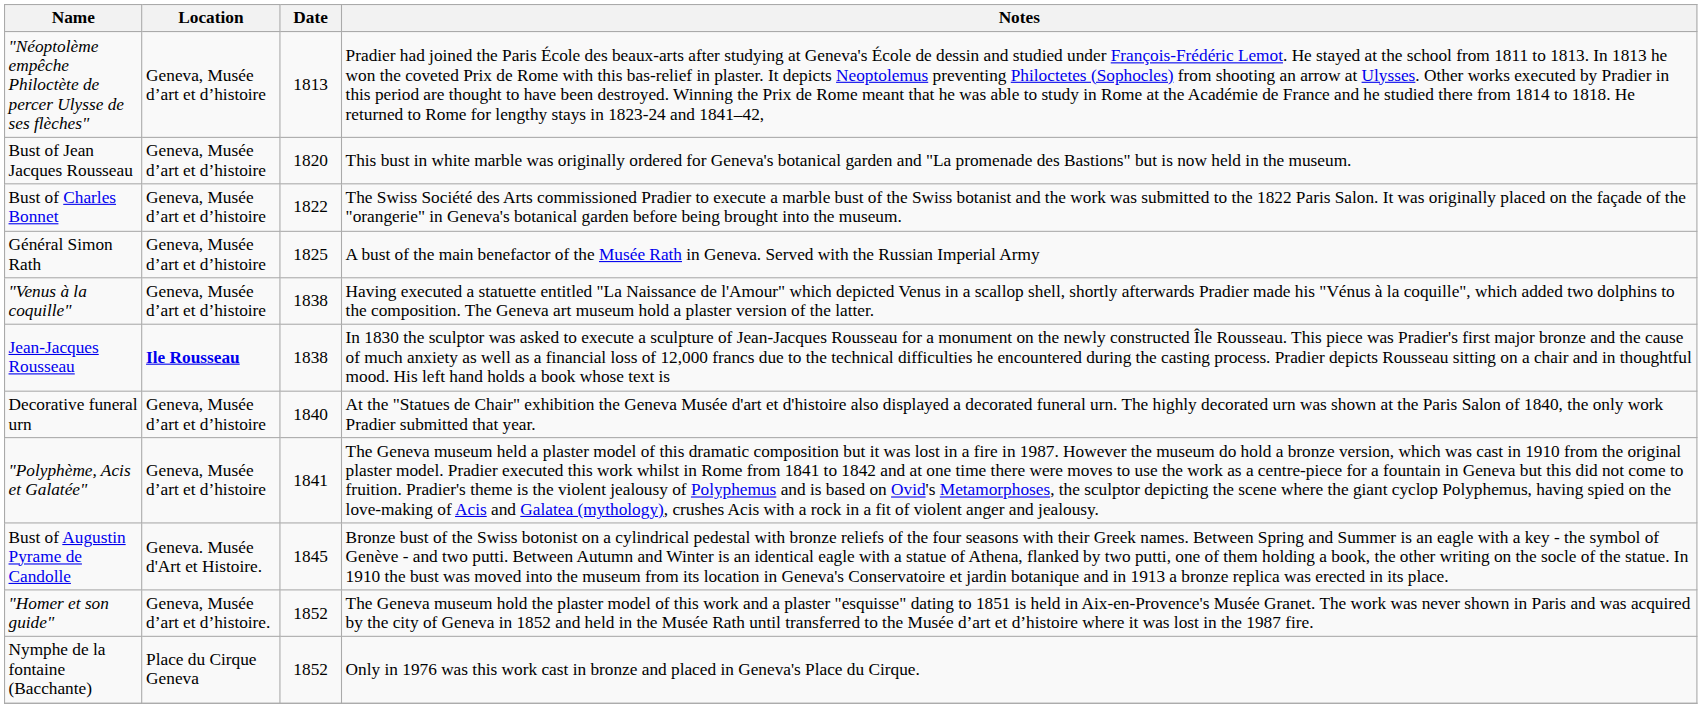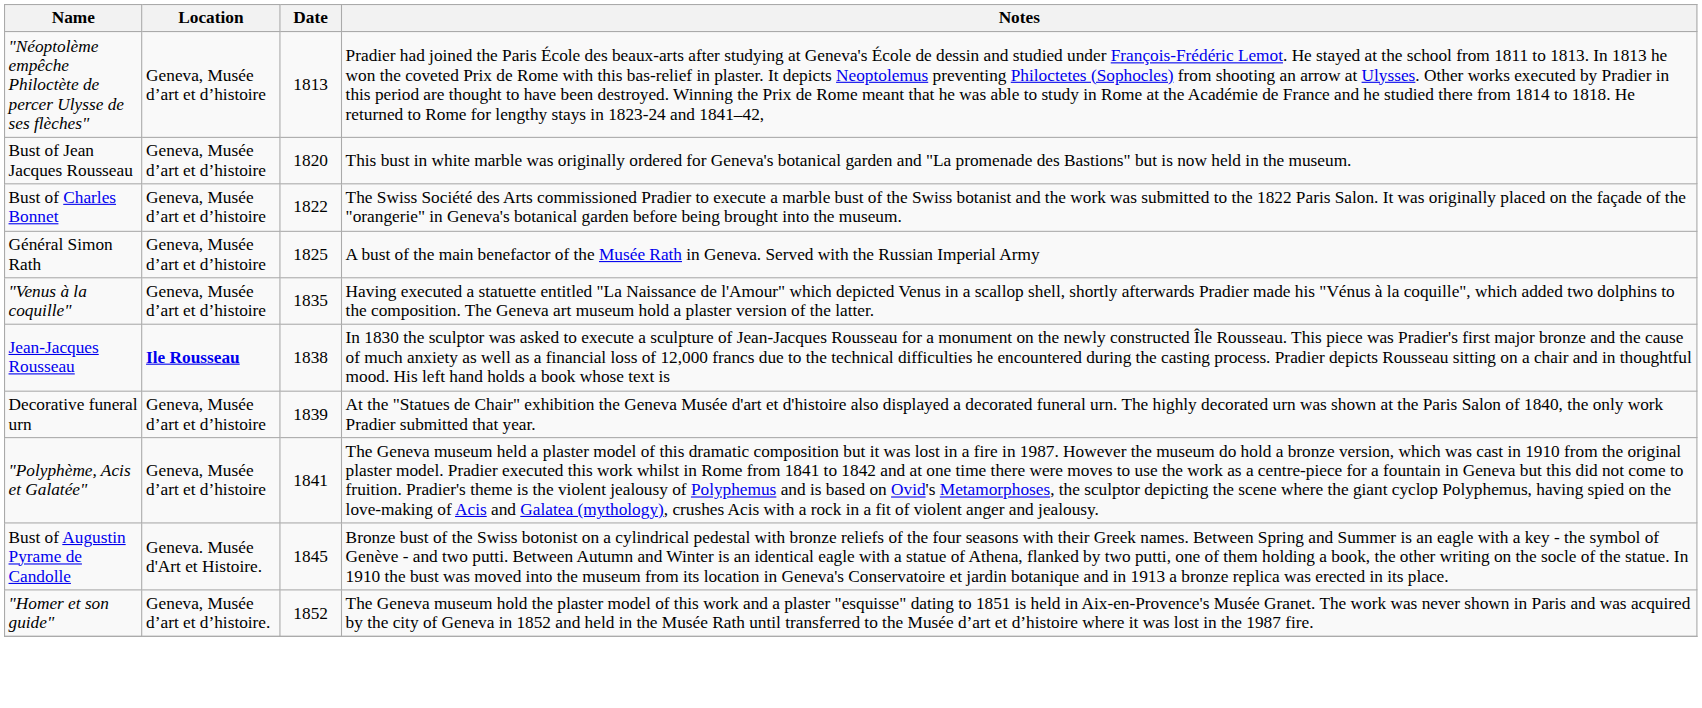 <table class="wikitable sortable plainrowheaders">
 <tr>
 <th style="width:120px">Name</th>
 <th style="width:120px">Location</th>
 <th style="width:50px">Date</th>
 <th class="unsortable">Notes</th>
 </tr>
 <tr>
 <td><em>"Néoptolème empêche Philoctète de percer Ulysse de ses flèches"</em></td>
 <td>Geneva, Musée d’art et d’histoire</td>
 <td align="center">1813</td>
 <td>Pradier had joined the Paris École des beaux-arts after studying at Geneva's École de dessin and studied under <a href='#'>François-Frédéric Lemot</a>. He stayed at the school from 1811 to 1813.  In 1813 he won the coveted Prix de Rome with this bas-relief in plaster.  It depicts <a href='#'>Neoptolemus</a> preventing <a href='#'>Philoctetes (Sophocles)</a> from shooting an arrow at <a href='#'>Ulysses</a>.  Other works executed by Pradier in this period are thought to have been destroyed.  Winning the Prix de Rome meant that he was able to study in Rome at the Académie de France and he studied there from 1814 to 1818. He returned to Rome for lengthy stays in 1823-24 and 1841–42,</td>
 </tr>
 <tr>
 <td>Bust of Jean Jacques Rousseau</td>
 <td>Geneva, Musée d’art et d’histoire</td>
 <td align="center">1820</td>
 <td>This bust in white marble was originally ordered for Geneva's botanical garden and "La promenade des Bastions" but is now held in the museum.<br></td>
 </tr>
 <tr>
 <td>Bust of <a href='#'>Charles Bonnet</a></td>
 <td>Geneva, Musée d’art et d’histoire</td>
 <td align="center">1822</td>
 <td>The Swiss Société des Arts commissioned Pradier to execute a marble bust of the Swiss botanist and the work was submitted to the 1822 Paris Salon.  It was originally placed on the façade of the "orangerie" in Geneva's botanical garden before being brought into the museum.<br></td>
 </tr>
 <tr>
 <td>Général Simon Rath</td>
 <td>Geneva, Musée d’art et d’histoire</td>
 <td align="center">1825</td>
 <td>A bust of the main benefactor of the <a href='#'>Musée Rath</a> in Geneva. Served with the Russian Imperial Army</td>
 </tr>
 <tr>
 <td><em>"Venus à la coquille"</em></td>
 <td>Geneva, Musée d’art et d’histoire</td>
-<td align="center">1838</td>
+<td align="center">1835</td>
 <td>Having executed a statuette entitled "La Naissance de l'Amour" which depicted Venus in a scallop shell, shortly afterwards Pradier made his "Vénus à la coquille", which added two dolphins to the composition. The Geneva art museum hold a plaster version of the latter.<br> </td>
 </tr>
 <tr>
 <td><a href='#'>Jean-Jacques Rousseau</a></td>
 <td><strong><a href='#'>Ile Rousseau</a></strong></td>
 <td align="center">1838</td>
 <td>In 1830 the sculptor was asked to execute a sculpture of Jean-Jacques Rousseau for a monument on the newly constructed Île Rousseau. This piece was Pradier's first major bronze and the cause of much anxiety as well as a financial loss of 12,000 francs due to the technical difficulties he encountered during the casting process. Pradier depicts Rousseau sitting on a chair and in thoughtful mood. His left hand holds a book whose text is </td>
 </tr>
 <tr>
 <td>Decorative funeral urn</td>
 <td>Geneva, Musée d’art et d’histoire</td>
-<td align="center">1840</td>
+<td align="center">1839</td>
 <td>At the "Statues de Chair" exhibition the Geneva Musée d'art et d'histoire also displayed a decorated funeral urn. The highly decorated urn was shown at the Paris Salon of 1840, the only work Pradier submitted that year.</td>
 </tr>
 <tr>
 <td><em>"Polyphème, Acis et Galatée"</em></td>
 <td>Geneva, Musée d’art et d’histoire</td>
 <td align="center">1841</td>
 <td>The Geneva museum held a plaster model of this dramatic composition but it was lost in a fire in 1987. However the museum do hold a bronze version, which was cast in 1910 from the original plaster model.  Pradier executed this work whilst in Rome from 1841 to 1842 and at one time there were moves to use the work as a centre-piece for a fountain in Geneva but this did not come to fruition. Pradier's theme is the violent jealousy of <a href='#'>Polyphemus</a> and is based on <a href='#'>Ovid</a>'s <a href='#'>Metamorphoses</a>, the sculptor depicting the scene where the giant cyclop Polyphemus, having spied on the love-making of <a href='#'>Acis</a> and <a href='#'>Galatea (mythology)</a>,  crushes Acis with a rock in a fit of violent anger and jealousy.<br></td>
 </tr>
 <tr>
 <td>Bust of <a href='#'>Augustin Pyrame de Candolle</a></td>
 <td>Geneva. Musée d'Art et Histoire.</td>
 <td align="center">1845</td>
 <td>Bronze bust of the Swiss botonist on a cylindrical pedestal with bronze reliefs of the four seasons with their Greek names. Between Spring and Summer is an eagle with a key - the symbol of Genève - and two putti. Between Autumn and Winter is an identical eagle with a statue of Athena, flanked by two putti, one of them holding a book, the other writing on the socle of the statue. In 1910 the bust was moved into the museum from its location in Geneva's Conservatoire et jardin botanique and in 1913 a bronze replica was erected in its place.<br></td>
 </tr>
 <tr>
 <td><em>"Homer et son guide"</em></td>
 <td>Geneva, Musée d’art et d’histoire.</td>
 <td align="center">1852</td>
 <td>The Geneva museum hold the plaster model of this work and a plaster "esquisse" dating to 1851 is held in Aix-en-Provence's Musée Granet.  The work was never shown in Paris and was acquired by the city of Geneva in 1852 and held in the Musée Rath until transferred to the Musée d’art et d’histoire where it was lost in the 1987 fire.</td>
 </tr>
 <tr>
-<td>Nymphe de la fontaine (Bacchante)</td>
-<td>Place du Cirque Geneva</td>
-<td align="center">1852</td>
-<td>Only in 1976 was this work cast in bronze and placed in Geneva's Place du Cirque.<br></td>
-</tr>
-<tr>
 </tr>
 </table>
